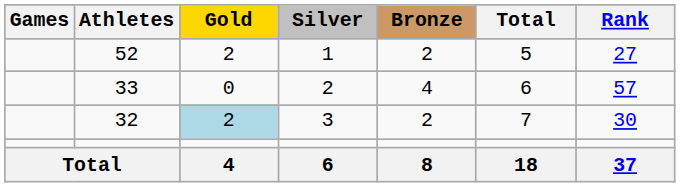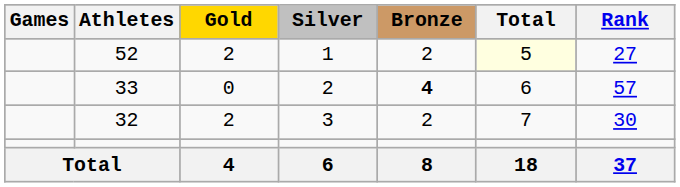 <table class="wikitable sortable" style="text-align:center; font-size:90%;">
 <tr>
 <th>Games</th>
 <th>Athletes</th>
 <th style="background:gold; width:4.5em; font-weight:bold;">Gold</th>
 <th style="background:silver; width:4.5em; font-weight:bold;">Silver</th>
 <th style="background:#cc9966; width:4.5em; font-weight:bold;">Bronze</th>
 <th style="width:4.5em; font-weight:bold;">Total</th>
 <th style="width:4.5em; font-weight:bold;"><a href='#'>Rank</a></th>
 </tr>
 <tr>
 <td align=left></td>
 <td>52</td>
 <td>2</td>
 <td>1</td>
 <td>2</td>
-<td>5</td>
+<td style="background: lightyellow;">5</td>
 <td><a href='#'>27</a></td>
 </tr>
 <tr>
 <td align=left></td>
 <td>33</td>
 <td>0</td>
 <td>2</td>
-<td>4</td>
+<td><strong>4</strong></td>
 <td>6</td>
 <td><a href='#'>57</a></td>
 </tr>
 <tr>
 <td align=left></td>
 <td>32</td>
-<td style="background: lightblue;">2</td>
+<td>2</td>
 <td>3</td>
 <td>2</td>
 <td>7</td>
 <td><a href='#'>30</a></td>
 </tr>
 <tr>
 <td align=left><em></em></td>
 <td></td>
 <td></td>
 <td></td>
 <td></td>
 <td></td>
 <td></td>
 </tr>
 <tr>
 <th colspan=2>Total</th>
 <th>4</th>
 <th>6</th>
 <th>8</th>
 <th>18</th>
 <th><a href='#'>37</a></th>
 </tr>
 </table>
